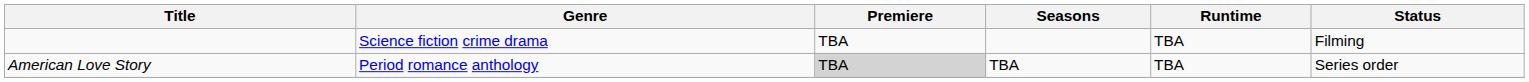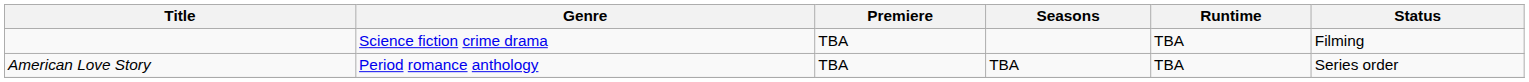 <table class="wikitable sortable" style="width:100%;">
 <tr>
 <th>Title</th>
 <th>Genre</th>
 <th>Premiere</th>
 <th>Seasons</th>
 <th>Runtime</th>
 <th>Status</th>
 </tr>
 <tr>
 <td><em></em></td>
 <td><a href='#'>Science fiction</a> <a href='#'>crime drama</a></td>
 <td>TBA</td>
 <td></td>
 <td>TBA</td>
 <td>Filming</td>
 </tr>
 <tr>
 <td><em>American Love Story</em></td>
 <td><a href='#'>Period</a> <a href='#'>romance</a> <a href='#'>anthology</a></td>
-<td style="background: lightgrey;">TBA</td>
+<td>TBA</td>
 <td>TBA</td>
 <td>TBA</td>
 <td>Series order</td>
 </tr>
 <tr>
 </tr>
 </table>
